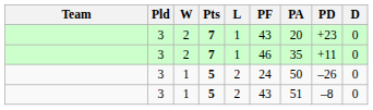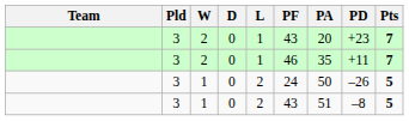 <table class="wikitable" style="text-align:center;">
 <tr>
 <th width=175>Team</th>
 <th width=25 abbr="Played">Pld</th>
 <th width=25 abbr="Won">W</th>
-<th width=25 abbr="Points">Pts</th>
+<th width=25 abbr="Drawn">D</th>
 <th width=25 abbr="Lost">L</th>
 <th width=32 abbr="Points for">PF</th>
 <th width=32 abbr="Points against">PA</th>
 <th width=32 abbr="Points difference">PD</th>
-<th width=25 abbr="Drawn">D</th>
+<th width=25 abbr="Points">Pts</th>
 </tr>
 <tr bgcolor=ccffcc>
 <td align=left></td>
 <td>3</td>
 <td>2</td>
-<td><strong>7</strong></td>
+<td>0</td>
 <td>1</td>
 <td>43</td>
 <td>20</td>
 <td>+23</td>
-<td>0</td>
+<td><strong>7</strong></td>
 </tr>
 <tr bgcolor=ccffcc>
 <td align=left></td>
 <td>3</td>
 <td>2</td>
-<td><strong>7</strong></td>
+<td>0</td>
 <td>1</td>
 <td>46</td>
 <td>35</td>
 <td>+11</td>
-<td>0</td>
+<td><strong>7</strong></td>
 </tr>
 <tr>
 <td align=left></td>
 <td>3</td>
 <td>1</td>
-<td><strong>5</strong></td>
+<td>0</td>
 <td>2</td>
 <td>24</td>
 <td>50</td>
 <td>–26</td>
-<td>0</td>
+<td><strong>5</strong></td>
 </tr>
 <tr>
 <td align=left></td>
 <td>3</td>
 <td>1</td>
-<td><strong>5</strong></td>
+<td>0</td>
 <td>2</td>
 <td>43</td>
 <td>51</td>
 <td>–8</td>
-<td>0</td>
+<td><strong>5</strong></td>
 </tr>
 </table>
